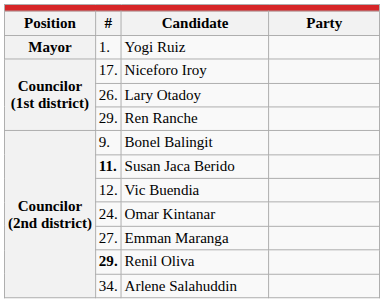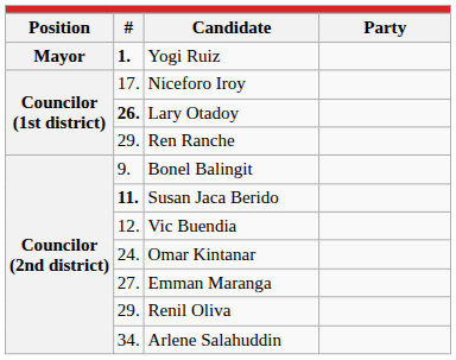 <table class="wikitable plainrowheaders" style=font-size:90%">
 <tr>
 <td colspan="5" bgcolor="#d62628"></td>
 </tr>
 <tr>
 <th>Position</th>
 <th>#</th>
 <th width="150px">Candidate</th>
 <th colspan="2" width="110px">Party</th>
 </tr>
 <tr>
 <th scope="row">Mayor</th>
-<td>1.</td>
+<td><strong>1.</strong></td>
 <td>Yogi Ruiz</td>
 <td></td>
 </tr>
 <tr>
 <th scope="row" rowspan="3">Councilor<br>(1st district)</th>
 <td>17.</td>
 <td>Niceforo Iroy</td>
 <td></td>
 </tr>
 <tr>
-<td>26.</td>
+<td><strong>26.</strong></td>
 <td>Lary Otadoy</td>
 <td></td>
 </tr>
 <tr>
 <td>29.</td>
 <td>Ren Ranche</td>
 <td></td>
 </tr>
 <tr>
 <th scope="row" rowspan="7">Councilor<br>(2nd district)</th>
 <td>9.</td>
 <td>Bonel Balingit</td>
 <td></td>
 </tr>
 <tr>
 <td><strong>11.</strong></td>
 <td>Susan Jaca Berido</td>
 <td></td>
 </tr>
 <tr>
 <td>12.</td>
 <td>Vic Buendia</td>
 <td></td>
 </tr>
 <tr>
 <td>24.</td>
 <td>Omar Kintanar</td>
 <td></td>
 </tr>
 <tr>
 <td>27.</td>
 <td>Emman Maranga</td>
 <td></td>
 </tr>
 <tr>
-<td><strong>29.</strong></td>
+<td>29.</td>
 <td>Renil Oliva</td>
 <td></td>
 </tr>
 <tr>
 <td>34.</td>
 <td>Arlene Salahuddin</td>
 <td></td>
 </tr>
 </table>
